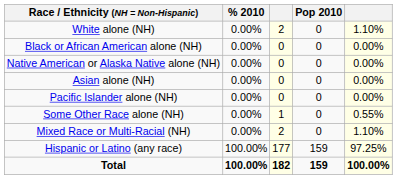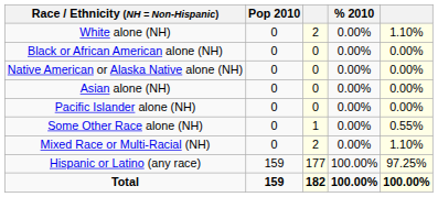 <table class="wikitable" style="text-align:center;">
 <tr>
 <th>Race / Ethnicity <small>(<em>NH = Non-Hispanic</em>)</small></th>
+<th>Pop 2010</th>
+<th></th>
 <th>% 2010</th>
-<th></th>
-<th>Pop 2010</th>
 <th></th>
 </tr>
 <tr>
 <td><a href='#'>White</a> alone (NH)</td>
+<td>0</td>
+<td style='background: #ffffe6;'>2</td>
 <td>0.00%</td>
-<td style='background: #ffffe6;'>2</td>
-<td>0</td>
 <td style='background: #ffffe6;'>1.10%</td>
 </tr>
 <tr>
 <td><a href='#'>Black or African American</a> alone (NH)</td>
+<td>0</td>
+<td style='background: #ffffe6;'>0</td>
 <td>0.00%</td>
-<td style='background: #ffffe6;'>0</td>
-<td>0</td>
 <td style='background: #ffffe6;'>0.00%</td>
 </tr>
 <tr>
 <td><a href='#'>Native American</a> or <a href='#'>Alaska Native</a> alone (NH)</td>
+<td>0</td>
+<td style='background: #ffffe6;'>0</td>
 <td>0.00%</td>
-<td style='background: #ffffe6;'>0</td>
-<td>0</td>
 <td style='background: #ffffe6;'>0.00%</td>
 </tr>
 <tr>
 <td><a href='#'>Asian</a> alone (NH)</td>
+<td>0</td>
+<td style='background: #ffffe6;'>0</td>
 <td>0.00%</td>
-<td style='background: #ffffe6;'>0</td>
-<td>0</td>
 <td style='background: #ffffe6;'>0.00%</td>
 </tr>
 <tr>
 <td><a href='#'>Pacific Islander</a> alone (NH)</td>
+<td>0</td>
+<td style='background: #ffffe6;'>0</td>
 <td>0.00%</td>
-<td style='background: #ffffe6;'>0</td>
-<td>0</td>
 <td style='background: #ffffe6;'>0.00%</td>
 </tr>
 <tr>
 <td><a href='#'>Some Other Race</a> alone (NH)</td>
+<td>0</td>
+<td style='background: #ffffe6;'>1</td>
 <td>0.00%</td>
-<td style='background: #ffffe6;'>1</td>
-<td>0</td>
 <td style='background: #ffffe6;'>0.55%</td>
 </tr>
 <tr>
 <td><a href='#'>Mixed Race or Multi-Racial</a> (NH)</td>
+<td>0</td>
+<td style='background: #ffffe6;'>2</td>
 <td>0.00%</td>
-<td style='background: #ffffe6;'>2</td>
-<td>0</td>
 <td style='background: #ffffe6;'>1.10%</td>
 </tr>
 <tr>
 <td><a href='#'>Hispanic or Latino</a> (any race)</td>
+<td>159</td>
+<td style='background: #ffffe6;'>177</td>
 <td>100.00%</td>
-<td style='background: #ffffe6;'>177</td>
-<td>159</td>
 <td style='background: #ffffe6;'>97.25%</td>
 </tr>
 <tr>
 <td><strong>Total</strong></td>
+<td><strong>159</strong></td>
+<td style='background: #ffffe6;'><strong>182</strong></td>
 <td><strong>100.00%</strong></td>
-<td style='background: #ffffe6;'><strong>182</strong></td>
-<td><strong>159</strong></td>
 <td style='background: #ffffe6;'><strong>100.00%</strong></td>
 </tr>
 </table>
